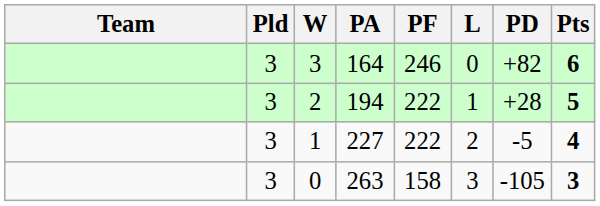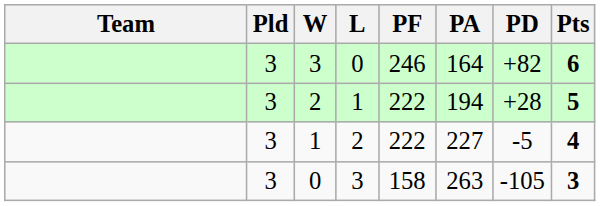 <table class="wikitable" style="text-align:center;">
 <tr>
 <th width=150>Team</th>
 <th width=20>Pld</th>
 <th width=20>W</th>
+<th width=20>L</th>
+<th width=30>PF</th>
 <th width=30>PA</th>
-<th width=30>PF</th>
-<th width=20>L</th>
 <th width=30>PD</th>
 <th width=20>Pts</th>
 </tr>
 <tr bgcolor="#ccffcc">
 <td align="left"></td>
 <td>3</td>
 <td>3</td>
+<td>0</td>
+<td>246</td>
 <td>164</td>
-<td>246</td>
-<td>0</td>
 <td>+82</td>
 <td><strong>6</strong></td>
 </tr>
 <tr bgcolor="#ccffcc">
 <td align="left"></td>
 <td>3</td>
 <td>2</td>
+<td>1</td>
+<td>222</td>
 <td>194</td>
-<td>222</td>
-<td>1</td>
 <td>+28</td>
 <td><strong>5</strong></td>
 </tr>
 <tr>
 <td align="left"></td>
 <td>3</td>
 <td>1</td>
+<td>2</td>
+<td>222</td>
 <td>227</td>
-<td>222</td>
-<td>2</td>
 <td>-5</td>
 <td><strong>4</strong></td>
 </tr>
 <tr>
 <td align="left"></td>
 <td>3</td>
 <td>0</td>
+<td>3</td>
+<td>158</td>
 <td>263</td>
-<td>158</td>
-<td>3</td>
 <td>-105</td>
 <td><strong>3</strong></td>
 </tr>
 </table>
